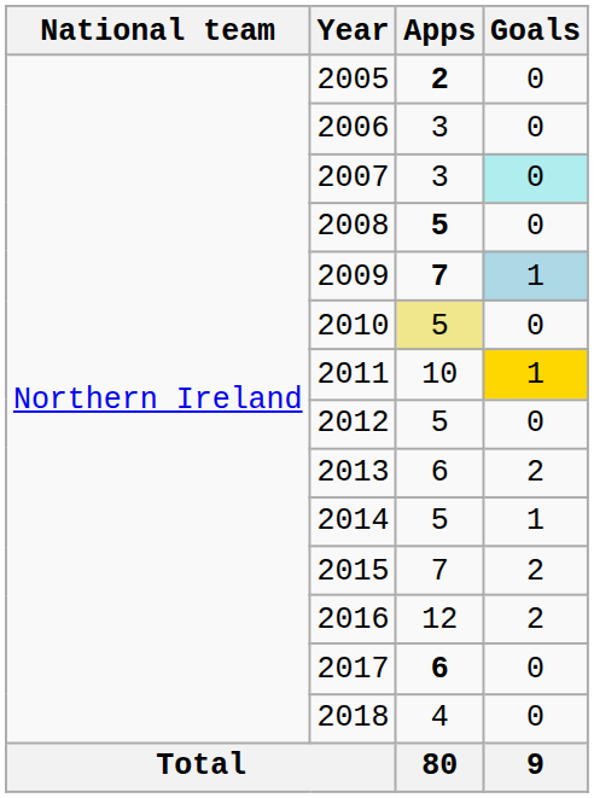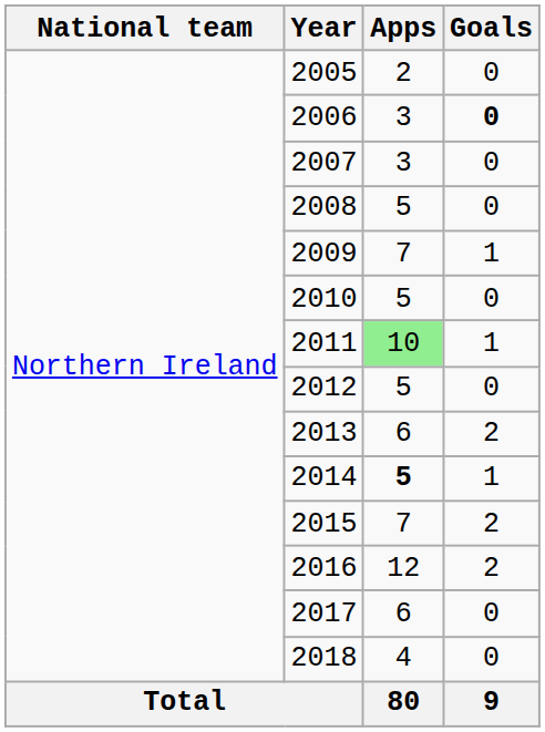 <table class=wikitable style="text-align: center;">
 <tr>
 <th>National team</th>
 <th>Year</th>
 <th>Apps</th>
 <th>Goals</th>
 </tr>
 <tr>
 <td rowspan=14><a href='#'>Northern Ireland</a></td>
 <td>2005</td>
-<td><strong>2</strong></td>
+<td>2</td>
 <td>0</td>
 </tr>
 <tr>
 <td>2006</td>
 <td>3</td>
-<td>0</td>
+<td><strong>0</strong></td>
 </tr>
 <tr>
 <td>2007</td>
 <td>3</td>
-<td style="background: paleturquoise;">0</td>
+<td>0</td>
 </tr>
 <tr>
 <td>2008</td>
-<td><strong>5</strong></td>
+<td>5</td>
 <td>0</td>
 </tr>
 <tr>
 <td>2009</td>
-<td><strong>7</strong></td>
-<td style="background: lightblue;">1</td>
+<td>7</td>
+<td>1</td>
 </tr>
 <tr>
 <td>2010</td>
-<td style="background: khaki;">5</td>
+<td>5</td>
 <td>0</td>
 </tr>
 <tr>
 <td>2011</td>
-<td>10</td>
-<td style="background: gold;">1</td>
+<td style="background: lightgreen;">10</td>
+<td>1</td>
 </tr>
 <tr>
 <td>2012</td>
 <td>5</td>
 <td>0</td>
 </tr>
 <tr>
 <td>2013</td>
 <td>6</td>
 <td>2</td>
 </tr>
 <tr>
 <td>2014</td>
-<td>5</td>
+<td><strong>5</strong></td>
 <td>1</td>
 </tr>
 <tr>
 <td>2015</td>
 <td>7</td>
 <td>2</td>
 </tr>
 <tr>
 <td>2016</td>
 <td>12</td>
 <td>2</td>
 </tr>
 <tr>
 <td>2017</td>
-<td><strong>6</strong></td>
+<td>6</td>
 <td>0</td>
 </tr>
 <tr>
 <td>2018</td>
 <td>4</td>
 <td>0</td>
 </tr>
 <tr>
 <th colspan="2">Total</th>
 <th>80</th>
 <th>9</th>
 </tr>
 </table>
